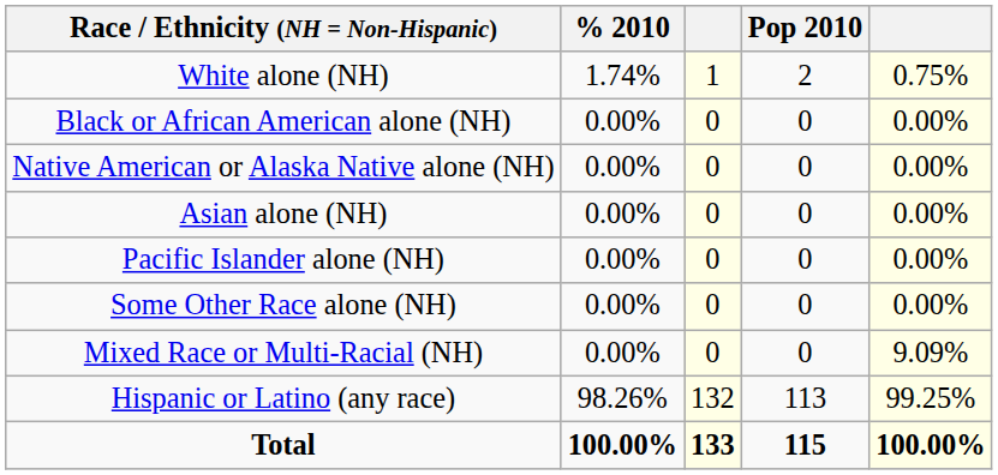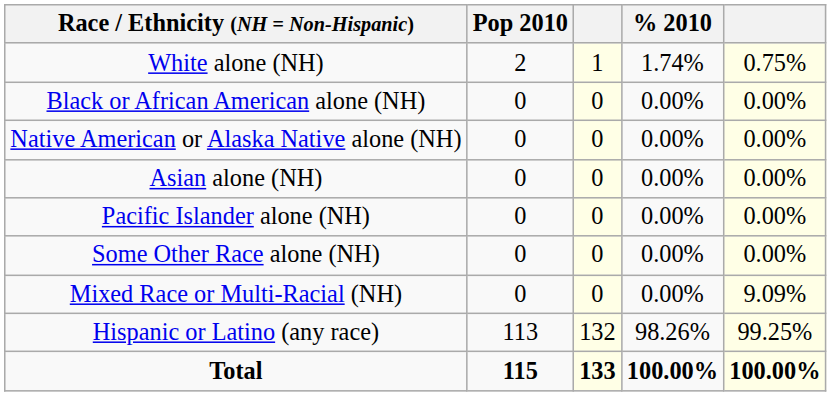 <table class="wikitable" style="text-align:center;">
 <tr>
 <th>Race / Ethnicity <small>(<em>NH = Non-Hispanic</em>)</small></th>
+<th>Pop 2010</th>
+<th></th>
 <th>% 2010</th>
-<th></th>
-<th>Pop 2010</th>
 <th></th>
 </tr>
 <tr>
 <td><a href='#'>White</a> alone (NH)</td>
+<td>2</td>
+<td style='background: #ffffe6;'>1</td>
 <td>1.74%</td>
-<td style='background: #ffffe6;'>1</td>
-<td>2</td>
 <td style='background: #ffffe6;'>0.75%</td>
 </tr>
 <tr>
 <td><a href='#'>Black or African American</a> alone (NH)</td>
+<td>0</td>
+<td style='background: #ffffe6;'>0</td>
 <td>0.00%</td>
-<td style='background: #ffffe6;'>0</td>
-<td>0</td>
 <td style='background: #ffffe6;'>0.00%</td>
 </tr>
 <tr>
 <td><a href='#'>Native American</a> or <a href='#'>Alaska Native</a> alone (NH)</td>
+<td>0</td>
+<td style='background: #ffffe6;'>0</td>
 <td>0.00%</td>
-<td style='background: #ffffe6;'>0</td>
-<td>0</td>
 <td style='background: #ffffe6;'>0.00%</td>
 </tr>
 <tr>
 <td><a href='#'>Asian</a> alone (NH)</td>
+<td>0</td>
+<td style='background: #ffffe6;'>0</td>
 <td>0.00%</td>
-<td style='background: #ffffe6;'>0</td>
-<td>0</td>
 <td style='background: #ffffe6;'>0.00%</td>
 </tr>
 <tr>
 <td><a href='#'>Pacific Islander</a> alone (NH)</td>
+<td>0</td>
+<td style='background: #ffffe6;'>0</td>
 <td>0.00%</td>
-<td style='background: #ffffe6;'>0</td>
-<td>0</td>
 <td style='background: #ffffe6;'>0.00%</td>
 </tr>
 <tr>
 <td><a href='#'>Some Other Race</a> alone (NH)</td>
+<td>0</td>
+<td style='background: #ffffe6;'>0</td>
 <td>0.00%</td>
-<td style='background: #ffffe6;'>0</td>
-<td>0</td>
 <td style='background: #ffffe6;'>0.00%</td>
 </tr>
 <tr>
 <td><a href='#'>Mixed Race or Multi-Racial</a> (NH)</td>
+<td>0</td>
+<td style='background: #ffffe6;'>0</td>
 <td>0.00%</td>
-<td style='background: #ffffe6;'>0</td>
-<td>0</td>
 <td style='background: #ffffe6;'>9.09%</td>
 </tr>
 <tr>
 <td><a href='#'>Hispanic or Latino</a> (any race)</td>
+<td>113</td>
+<td style='background: #ffffe6;'>132</td>
 <td>98.26%</td>
-<td style='background: #ffffe6;'>132</td>
-<td>113</td>
 <td style='background: #ffffe6;'>99.25%</td>
 </tr>
 <tr>
 <td><strong>Total</strong></td>
+<td><strong>115</strong></td>
+<td style='background: #ffffe6;'><strong>133</strong></td>
 <td><strong>100.00%</strong></td>
-<td style='background: #ffffe6;'><strong>133</strong></td>
-<td><strong>115</strong></td>
 <td style='background: #ffffe6;'><strong>100.00%</strong></td>
 </tr>
 </table>
